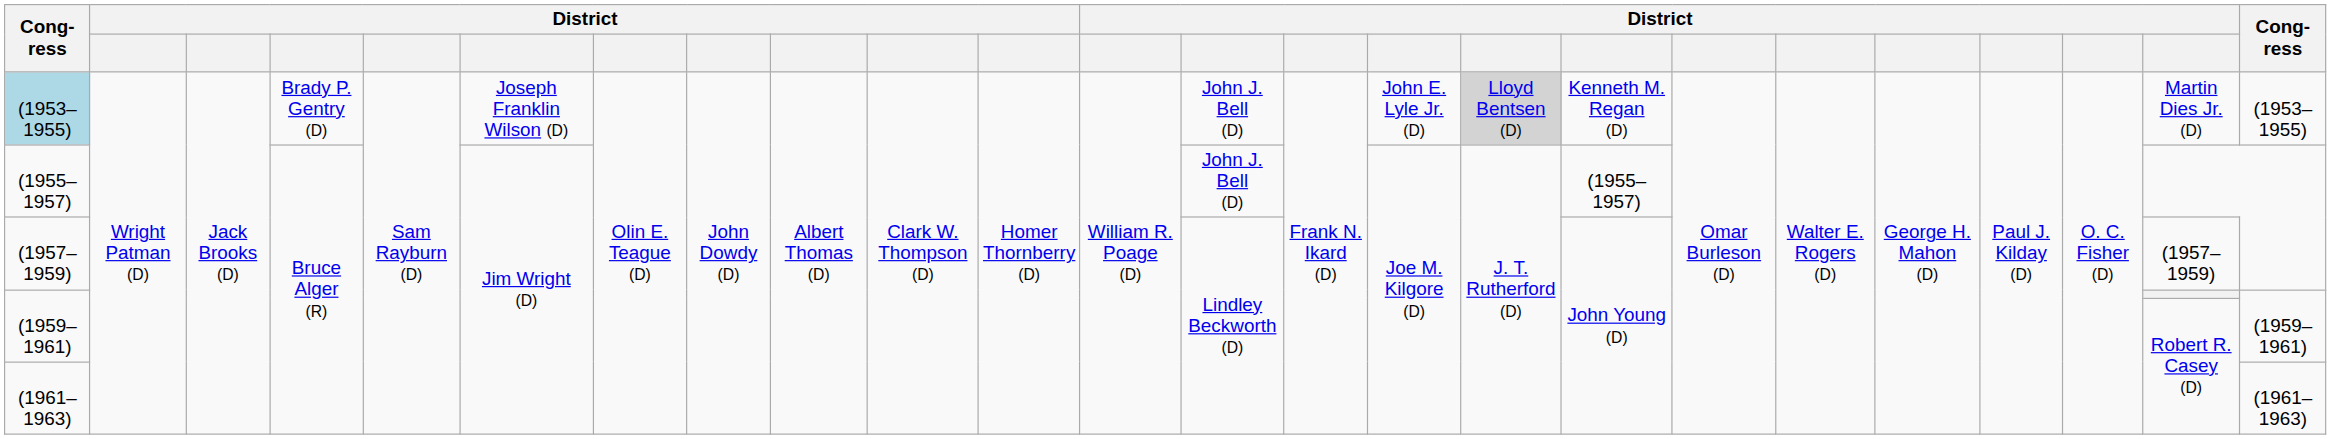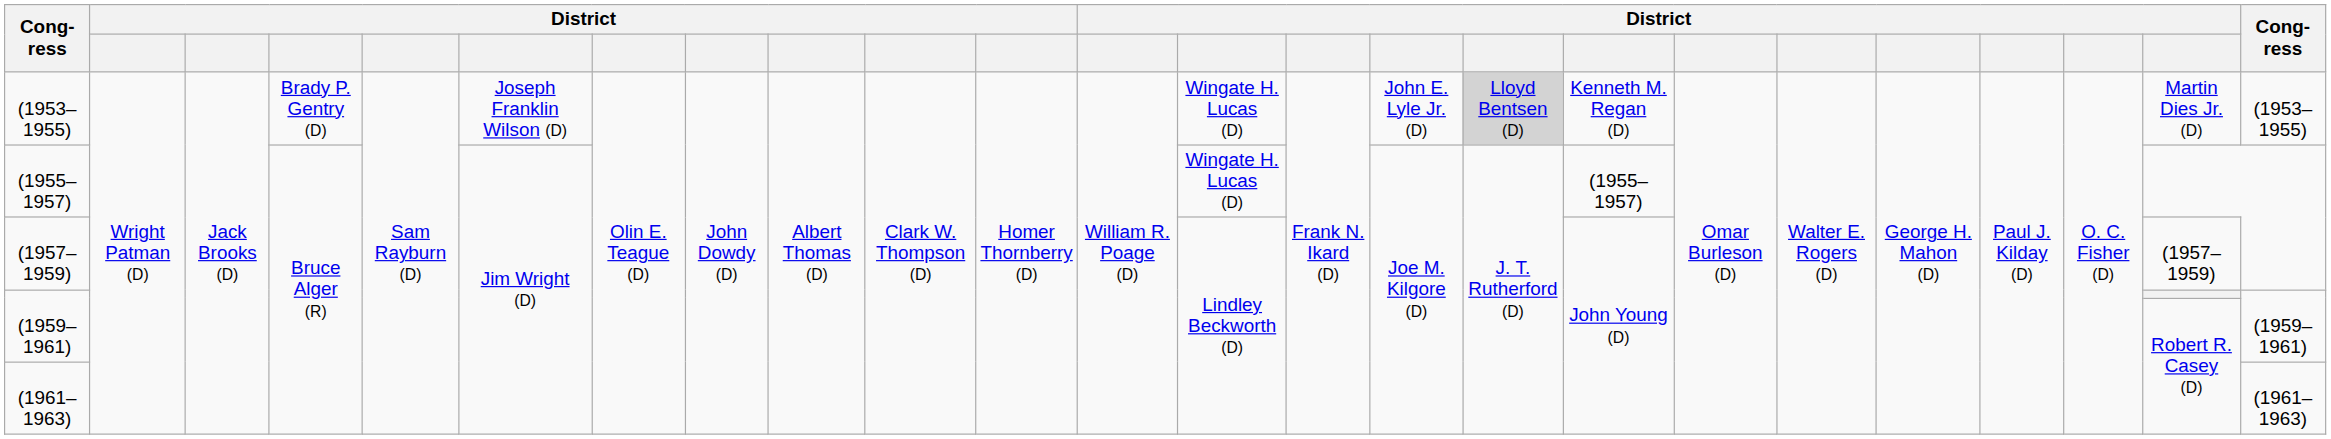 <table class=wikitable style="text-align:center">
 <tr>
 <th rowspan=2>Cong­ress</th>
 <th colspan=10>District</th>
 <th colspan=12>District</th>
 <th rowspan=2>Cong­ress</th>
 </tr>
 <tr style="height:2em">
 <th></th>
 <th></th>
 <th></th>
 <th></th>
 <th></th>
 <th></th>
 <th></th>
 <th></th>
 <th></th>
 <th></th>
 <th></th>
 <th></th>
 <th></th>
 <th></th>
 <th></th>
 <th></th>
 <th></th>
 <th></th>
 <th></th>
 <th></th>
 <th></th>
 <th></th>
 </tr>
 <tr style="height:2em">
-<td style="background: lightblue;"><strong></strong><br>(1953–1955)</td>
+<td><strong></strong><br>(1953–1955)</td>
 <td rowspan="6" ><a href='#'>Wright Patman</a><br><small>(D)</small></td>
 <td rowspan="6" ><a href='#'>Jack Brooks</a><br><small>(D)</small></td>
 <td><a href='#'>Brady P. Gentry</a><br><small>(D)</small></td>
 <td rowspan="6" ><a href='#'>Sam Rayburn</a><br><small>(D)</small></td>
 <td><a href='#'>Joseph Franklin Wilson</a> <small>(D)</small></td>
 <td rowspan="6" ><a href='#'>Olin E. Teague</a><br><small>(D)</small></td>
 <td rowspan="6" ><a href='#'>John Dowdy</a><br><small>(D)</small></td>
 <td rowspan="6" ><a href='#'>Albert Thomas</a><br><small>(D)</small></td>
 <td rowspan="6" ><a href='#'>Clark W. Thomp­son</a><br><small>(D)</small></td>
 <td rowspan="6" ><a href='#'>Homer Thorn­berry</a><br><small>(D)</small></td>
 <td rowspan="6" ><a href='#'>William R. Poage</a><br><small>(D)</small></td>
-<td><a href='#'>John J. Bell</a><br><small>(D)</small></td>
+<td><a href='#'>Wingate H. Lucas</a><br><small>(D)</small></td>
 <td rowspan="6" ><a href='#'>Frank N. Ikard</a><br><small>(D)</small></td>
 <td><a href='#'>John E. Lyle Jr.</a><br><small>(D)</small></td>
 <td style="background: lightgrey;"><a href='#'>Lloyd Bentsen</a><br><small>(D)</small></td>
 <td><a href='#'>Kenneth M. Regan</a><br><small>(D)</small></td>
 <td rowspan="6" ><a href='#'>Omar Burleson</a><br><small>(D)</small></td>
 <td rowspan="6" ><a href='#'>Walter E. Rogers</a><br><small>(D)</small></td>
 <td rowspan="6" ><a href='#'>George H. Mahon</a><br><small>(D)</small></td>
 <td rowspan="6" ><a href='#'>Paul J. Kilday</a><br><small>(D)</small></td>
 <td rowspan="6" ><a href='#'>O. C. Fisher</a><br><small>(D)</small></td>
 <td><a href='#'>Martin Dies Jr.</a><br><small>(D)</small></td>
 <td><strong></strong><br>(1953–1955)</td>
 </tr>
 <tr style="height:2em">
 <td><strong></strong><br>(1955–1957)</td>
 <td rowspan="5" ><a href='#'>Bruce Alger</a><br><small>(R)</small></td>
 <td rowspan="22" ><a href='#'>Jim Wright</a><br><small>(D)</small></td>
-<td><a href='#'>John J. Bell</a><br><small>(D)</small></td>
+<td><a href='#'>Wingate H. Lucas</a><br><small>(D)</small></td>
 <td rowspan="5" ><a href='#'>Joe M. Kilgore</a><br><small>(D)</small></td>
 <td rowspan="5" ><a href='#'>J. T. Ruther­ford</a><br><small>(D)</small></td>
 <td><strong></strong><br>(1955–1957)</td>
 </tr>
 <tr style="height:2em">
 <td><strong></strong><br>(1957–1959)</td>
 <td rowspan="4" ><a href='#'>Lindley Beck­worth</a><br><small>(D)</small></td>
 <td rowspan="4" ><a href='#'>John Young</a><br><small>(D)</small></td>
 <td><strong></strong><br>(1957–1959)</td>
 </tr>
 <tr>
 <td rowspan="2"><strong></strong><br>(1959–1961)</td>
 <th></th>
 <td rowspan="2"><strong></strong><br>(1959–1961)</td>
 </tr>
 <tr style="height:2em">
 <td rowspan="2" ><a href='#'>Robert R. Casey</a><br><small>(D)</small></td>
 </tr>
 <tr style="height:2em">
 <td><strong></strong><br>(1961–1963)</td>
 <td><strong></strong><br>(1961–1963)</td>
 </tr>
 </table>
